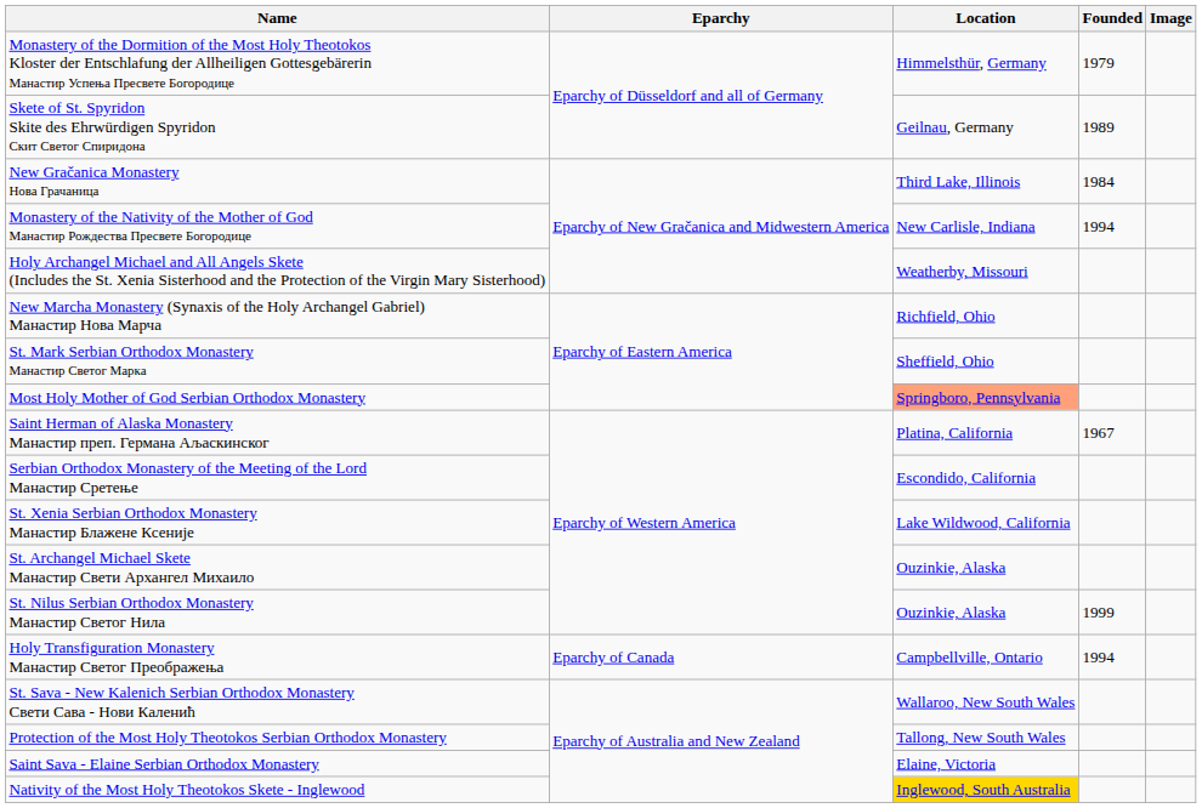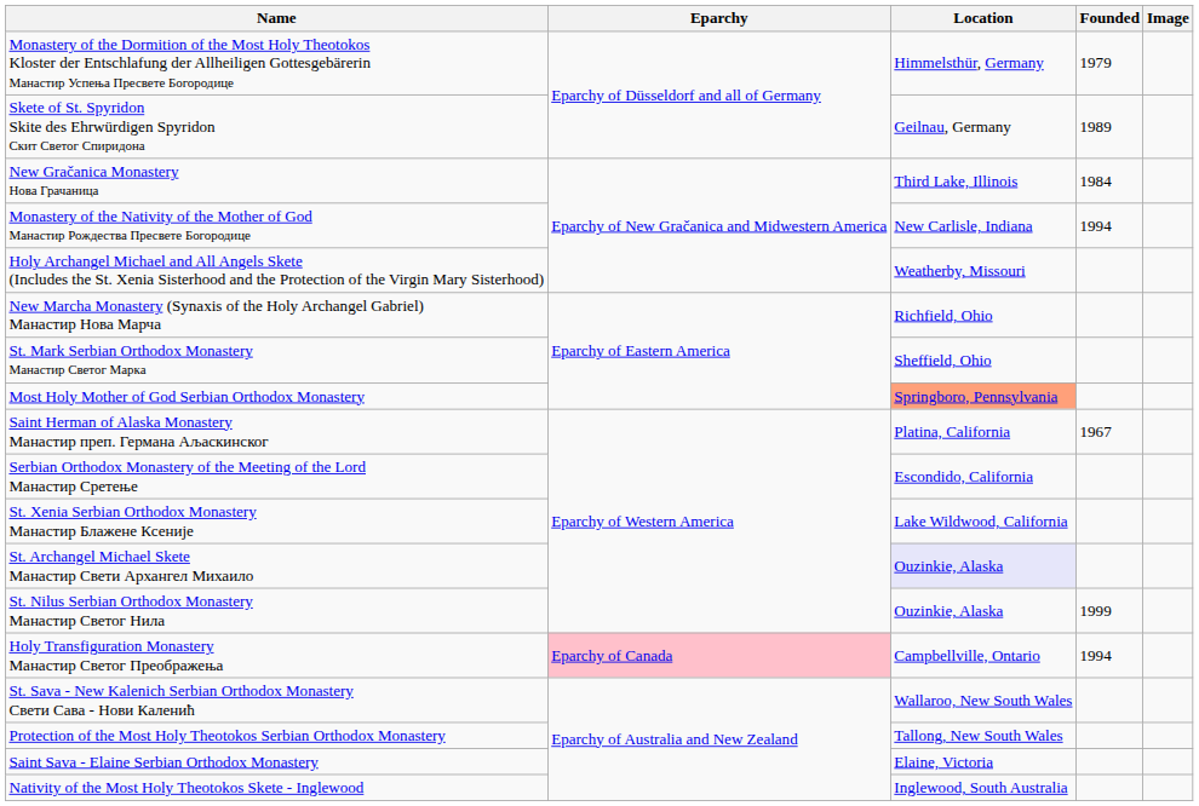 <table class="wikitable" style="font-size:95%;">
 <tr>
 <th>Name</th>
 <th>Eparchy</th>
 <th>Location</th>
 <th>Founded</th>
 <th>Image</th>
 </tr>
 <tr>
 <td><a href='#'>Monastery of the Dormition of the Most Holy Theotokos</a><br>Kloster der Entschlafung der Allheiligen Gottesgebärerin<br><small>Манастир Успења Пресвете Богородице</small></td>
 <td rowspan="2"><a href='#'>Eparchy of Düsseldorf and all of Germany</a></td>
 <td><a href='#'>Himmelsthür</a>, <a href='#'>Germany</a></td>
 <td>1979</td>
 <td></td>
 </tr>
 <tr>
 <td><a href='#'>Skete of St. Spyridon</a><br>Skite des Ehrwürdigen Spyridon<br><small>Скит Светог Спиридона</small></td>
 <td><a href='#'>Geilnau</a>, Germany</td>
 <td>1989</td>
 <td></td>
 </tr>
 <tr>
 <td><a href='#'>New Gračanica Monastery</a><br><small>Нова Грачаница</small></td>
 <td rowspan="3"><a href='#'>Eparchy of New Gračanica and Midwestern America</a></td>
 <td><a href='#'>Third Lake, Illinois</a></td>
 <td>1984</td>
 <td></td>
 </tr>
 <tr>
 <td><a href='#'>Monastery of the Nativity of the Mother of God</a><br><small>Манастир Рождества Пресвете Богородице</small></td>
 <td><a href='#'>New Carlisle, Indiana</a></td>
 <td>1994</td>
 <td></td>
 </tr>
 <tr>
 <td><a href='#'>Holy Archangel Michael and All Angels Skete</a><br>(Includes the St. Xenia Sisterhood and the Protection of the Virgin Mary Sisterhood)</td>
 <td><a href='#'>Weatherby, Missouri</a></td>
 <td></td>
 <td></td>
 </tr>
 <tr>
 <td><a href='#'>New Marcha Monastery</a> (Synaxis of the Holy Archangel Gabriel)<br>Манастир Нова Марча</td>
 <td rowspan="3"><a href='#'>Eparchy of Eastern America</a></td>
 <td><a href='#'>Richfield, Ohio</a></td>
 <td></td>
 <td></td>
 </tr>
 <tr>
 <td><a href='#'>St. Mark Serbian Orthodox Monastery</a><br><small>Манастир Светог Марка</small></td>
 <td><a href='#'>Sheffield, Ohio</a></td>
 <td></td>
 <td></td>
 </tr>
 <tr>
 <td><a href='#'>Most Holy Mother of God Serbian Orthodox Monastery</a></td>
 <td style="background: lightsalmon;"><a href='#'>Springboro, Pennsylvania</a></td>
 <td></td>
 <td></td>
 </tr>
 <tr>
 <td><a href='#'>Saint Herman of Alaska Monastery</a><br>Манастир преп. Германа Аљаскинског</td>
 <td rowspan="5"><a href='#'>Eparchy of Western America</a></td>
 <td><a href='#'>Platina, California</a></td>
 <td>1967</td>
 <td></td>
 </tr>
 <tr>
 <td><a href='#'>Serbian Orthodox Monastery of the Meeting of the Lord</a><br>Манастир Сретење</td>
 <td><a href='#'>Escondido, California</a></td>
 <td></td>
 <td></td>
 </tr>
 <tr>
 <td><a href='#'>St. Xenia Serbian Orthodox Monastery</a><br>Манастир Блажене Ксеније</td>
 <td><a href='#'>Lake Wildwood, California</a></td>
 <td></td>
 <td></td>
 </tr>
 <tr>
 <td><a href='#'>St. Archangel Michael Skete</a><br>Mанастир Свети Архангел Михаилo</td>
-<td><a href='#'>Ouzinkie, Alaska</a></td>
+<td style="background: lavender;"><a href='#'>Ouzinkie, Alaska</a></td>
 <td></td>
 <td></td>
 </tr>
 <tr>
 <td><a href='#'>St. Nilus Serbian Orthodox Monastery</a><br>Манастир Светог Нила</td>
 <td><a href='#'>Ouzinkie, Alaska</a></td>
 <td>1999</td>
 <td></td>
 </tr>
 <tr>
 <td><a href='#'>Holy Transfiguration Monastery</a><br>Манастир Светог Преображења</td>
-<td><a href='#'>Eparchy of Canada</a></td>
+<td style="background: pink;"><a href='#'>Eparchy of Canada</a></td>
 <td><a href='#'>Campbellville, Ontario</a></td>
 <td>1994</td>
 <td></td>
 </tr>
 <tr>
 <td><a href='#'>St. Sava - New Kalenich Serbian Orthodox Monastery</a><br>Свети Сава - Нови Каленић</td>
 <td rowspan="4"><a href='#'>Eparchy of Australia and New Zealand</a></td>
 <td><a href='#'>Wallaroo, New South Wales</a></td>
 <td></td>
 <td></td>
 </tr>
 <tr>
 <td><a href='#'>Protection of the Most Holy Theotokos Serbian Orthodox Monastery</a></td>
 <td><a href='#'>Tallong, New South Wales</a></td>
 <td></td>
 <td></td>
 </tr>
 <tr>
 <td><a href='#'>Saint Sava - Elaine Serbian Orthodox Monastery</a></td>
 <td><a href='#'>Elaine, Victoria</a></td>
 <td></td>
 <td></td>
 </tr>
 <tr>
 <td><a href='#'>Nativity of the Most Holy Theotokos Skete - Inglewood</a></td>
-<td style="background: gold;"><a href='#'>Inglewood, South Australia</a></td>
+<td><a href='#'>Inglewood, South Australia</a></td>
 <td></td>
 <td></td>
 </tr>
 </table>
